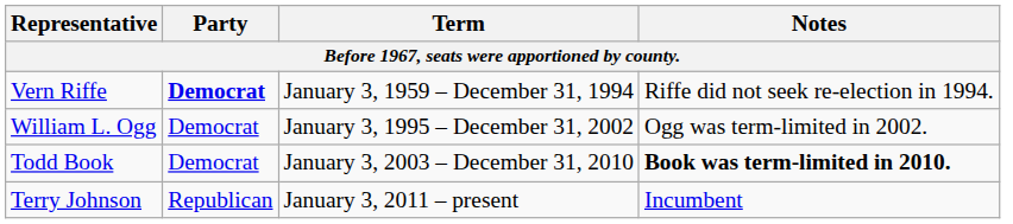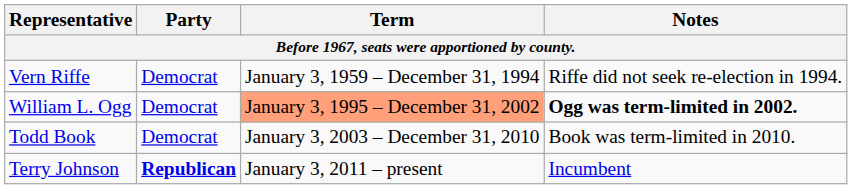 <table class=wikitable>
 <tr valign=bottom>
 <th>Representative</th>
 <th>Party</th>
 <th>Term</th>
 <th>Notes</th>
 </tr>
 <tr>
 <th colspan=5 style="font-size: 80%;"><em>Before 1967, seats were apportioned by county.</em></th>
 </tr>
 <tr>
 <td><a href='#'>Vern Riffe</a></td>
-<td><strong><a href='#'>Democrat</a></strong></td>
+<td><a href='#'>Democrat</a></td>
 <td>January 3, 1959 – December 31, 1994</td>
 <td>Riffe did not seek re-election in 1994.</td>
 </tr>
 <tr>
 <td><a href='#'>William L. Ogg</a></td>
 <td><a href='#'>Democrat</a></td>
-<td>January 3, 1995 – December 31, 2002</td>
-<td>Ogg was term-limited in 2002.</td>
+<td style="background: lightsalmon;">January 3, 1995 – December 31, 2002</td>
+<td><strong>Ogg was term-limited in 2002.</strong></td>
 </tr>
 <tr>
 <td><a href='#'>Todd Book</a></td>
 <td><a href='#'>Democrat</a></td>
 <td>January 3, 2003 – December 31, 2010</td>
-<td><strong>Book was term-limited in 2010.</strong></td>
+<td>Book was term-limited in 2010.</td>
 </tr>
 <tr>
 <td><a href='#'>Terry Johnson</a></td>
-<td><a href='#'>Republican</a></td>
+<td><strong><a href='#'>Republican</a></strong></td>
 <td>January 3, 2011 – present</td>
 <td><a href='#'>Incumbent</a></td>
 </tr>
 </table>
